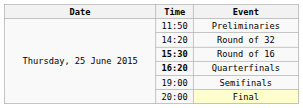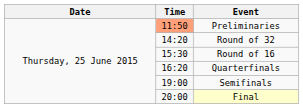 <table class = "wikitable" style="text-align:center;">
 <tr>
 <th width=220>Date</th>
 <th width=50>Time</th>
 <th width=150>Event</th>
 </tr>
 <tr>
 <td rowspan=6>Thursday, 25 June 2015</td>
-<td>11:50</td>
+<td style="background: lightsalmon;">11:50</td>
 <td>Preliminaries</td>
 </tr>
 <tr>
 <td>14:20</td>
 <td>Round of 32</td>
 </tr>
 <tr>
-<td><strong>15:30</strong></td>
+<td>15:30</td>
 <td>Round of 16</td>
 </tr>
 <tr>
-<td><strong>16:20</strong></td>
+<td>16:20</td>
 <td>Quarterfinals</td>
 </tr>
 <tr>
 <td>19:00</td>
 <td>Semifinals</td>
 </tr>
 <tr>
 <td>20:00</td>
 <td bgcolor=ffffcc>Final</td>
 </tr>
 </table>
